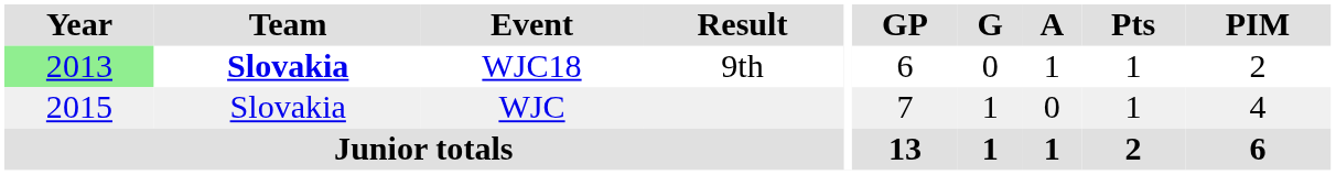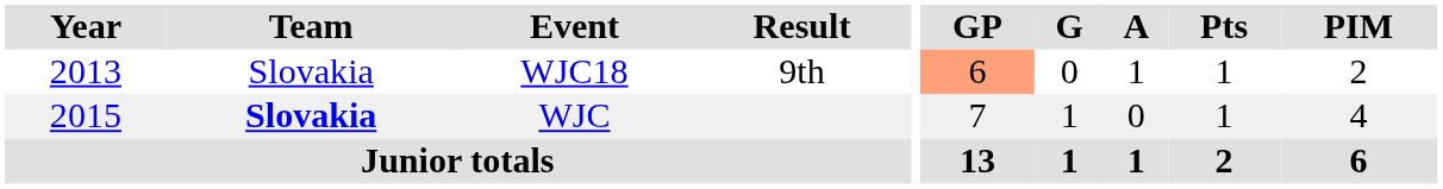 <table border="0" cellpadding="1" cellspacing="0" ID="Table3" style="text-align:center; width:40em">
 <tr ALIGN="center" bgcolor="#e0e0e0">
 <th>Year</th>
 <th>Team</th>
 <th>Event</th>
 <th>Result</th>
 <th rowspan="99" bgcolor="#ffffff"></th>
 <th>GP</th>
 <th>G</th>
 <th>A</th>
 <th>Pts</th>
 <th>PIM</th>
 </tr>
 <tr>
-<td style="background: lightgreen;"><a href='#'>2013</a></td>
-<td><strong><a href='#'>Slovakia</a></strong></td>
+<td><a href='#'>2013</a></td>
+<td><a href='#'>Slovakia</a></td>
 <td><a href='#'>WJC18</a></td>
 <td>9th</td>
-<td>6</td>
+<td style="background: lightsalmon;">6</td>
 <td>0</td>
 <td>1</td>
 <td>1</td>
 <td>2</td>
 </tr>
 <tr bgcolor="#f0f0f0">
 <td><a href='#'>2015</a></td>
-<td><a href='#'>Slovakia</a></td>
+<td><strong><a href='#'>Slovakia</a></strong></td>
 <td><a href='#'>WJC</a></td>
 <td></td>
 <td>7</td>
 <td>1</td>
 <td>0</td>
 <td>1</td>
 <td>4</td>
 </tr>
 <tr bgcolor="#e0e0e0">
 <th colspan="4">Junior totals</th>
 <th>13</th>
 <th>1</th>
 <th>1</th>
 <th>2</th>
 <th>6</th>
 </tr>
 </table>
